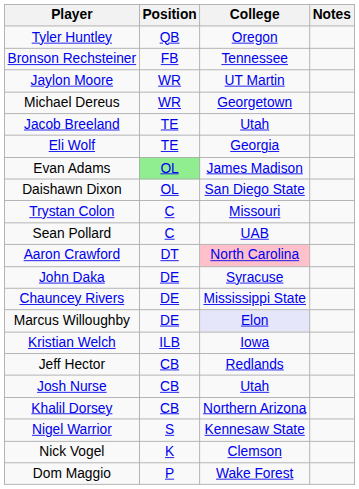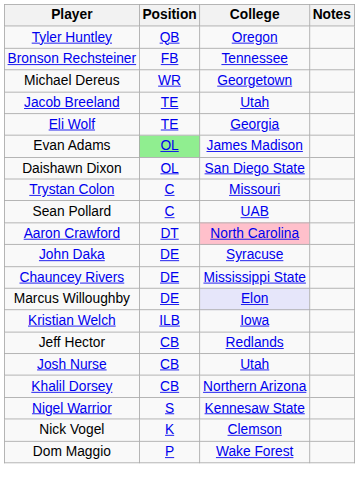 <table class="wikitable" style="text-align:center">
 <tr>
 <th>Player</th>
 <th>Position</th>
 <th>College</th>
 <th>Notes</th>
 </tr>
 <tr>
 <td><a href='#'>Tyler Huntley</a></td>
 <td><a href='#'>QB</a></td>
 <td><a href='#'>Oregon</a></td>
 <td></td>
 </tr>
 <tr>
 <td><a href='#'>Bronson Rechsteiner</a></td>
 <td><a href='#'>FB</a></td>
 <td><a href='#'>Tennessee</a></td>
-<td></td>
-</tr>
-<tr>
-<td><a href='#'>Jaylon Moore</a></td>
-<td><a href='#'>WR</a></td>
-<td><a href='#'>UT Martin</a></td>
 <td></td>
 </tr>
 <tr>
 <td>Michael Dereus</td>
 <td><a href='#'>WR</a></td>
 <td><a href='#'>Georgetown</a></td>
 <td></td>
 </tr>
 <tr>
 <td><a href='#'>Jacob Breeland</a></td>
 <td><a href='#'>TE</a></td>
 <td><a href='#'>Utah</a></td>
 <td></td>
 </tr>
 <tr>
 <td><a href='#'>Eli Wolf</a></td>
 <td><a href='#'>TE</a></td>
 <td><a href='#'>Georgia</a></td>
 <td></td>
 </tr>
 <tr>
 <td>Evan Adams</td>
 <td style="background: lightgreen;"><a href='#'>OL</a></td>
 <td><a href='#'>James Madison</a></td>
 <td></td>
 </tr>
 <tr>
 <td>Daishawn Dixon</td>
 <td><a href='#'>OL</a></td>
 <td><a href='#'>San Diego State</a></td>
 <td></td>
 </tr>
 <tr>
 <td><a href='#'>Trystan Colon</a></td>
 <td><a href='#'>C</a></td>
 <td><a href='#'>Missouri</a></td>
 <td></td>
 </tr>
 <tr>
 <td>Sean Pollard</td>
 <td><a href='#'>C</a></td>
 <td><a href='#'>UAB</a></td>
 <td></td>
 </tr>
 <tr>
 <td><a href='#'>Aaron Crawford</a></td>
 <td><a href='#'>DT</a></td>
 <td style="background: pink;"><a href='#'>North Carolina</a></td>
 <td></td>
 </tr>
 <tr>
 <td><a href='#'>John Daka</a></td>
 <td><a href='#'>DE</a></td>
 <td><a href='#'>Syracuse</a></td>
 <td></td>
 </tr>
 <tr>
 <td><a href='#'>Chauncey Rivers</a></td>
 <td><a href='#'>DE</a></td>
 <td><a href='#'>Mississippi State</a></td>
 <td></td>
 </tr>
 <tr>
 <td>Marcus Willoughby</td>
 <td><a href='#'>DE</a></td>
 <td style="background: lavender;"><a href='#'>Elon</a></td>
 <td></td>
 </tr>
 <tr>
 <td><a href='#'>Kristian Welch</a></td>
 <td><a href='#'>ILB</a></td>
 <td><a href='#'>Iowa</a></td>
 <td></td>
 </tr>
 <tr>
 <td>Jeff Hector</td>
 <td><a href='#'>CB</a></td>
 <td><a href='#'>Redlands</a></td>
 <td></td>
 </tr>
 <tr>
 <td><a href='#'>Josh Nurse</a></td>
 <td><a href='#'>CB</a></td>
 <td><a href='#'>Utah</a></td>
 <td></td>
 </tr>
 <tr>
 <td><a href='#'>Khalil Dorsey</a></td>
 <td><a href='#'>CB</a></td>
 <td><a href='#'>Northern Arizona</a></td>
 <td></td>
 </tr>
 <tr>
 <td><a href='#'>Nigel Warrior</a></td>
 <td><a href='#'>S</a></td>
 <td><a href='#'>Kennesaw State</a></td>
 <td></td>
 </tr>
 <tr>
 <td>Nick Vogel</td>
 <td><a href='#'>K</a></td>
 <td><a href='#'>Clemson</a></td>
 <td></td>
 </tr>
 <tr>
 <td>Dom Maggio</td>
 <td><a href='#'>P</a></td>
 <td><a href='#'>Wake Forest</a></td>
 <td></td>
 </tr>
 </table>
